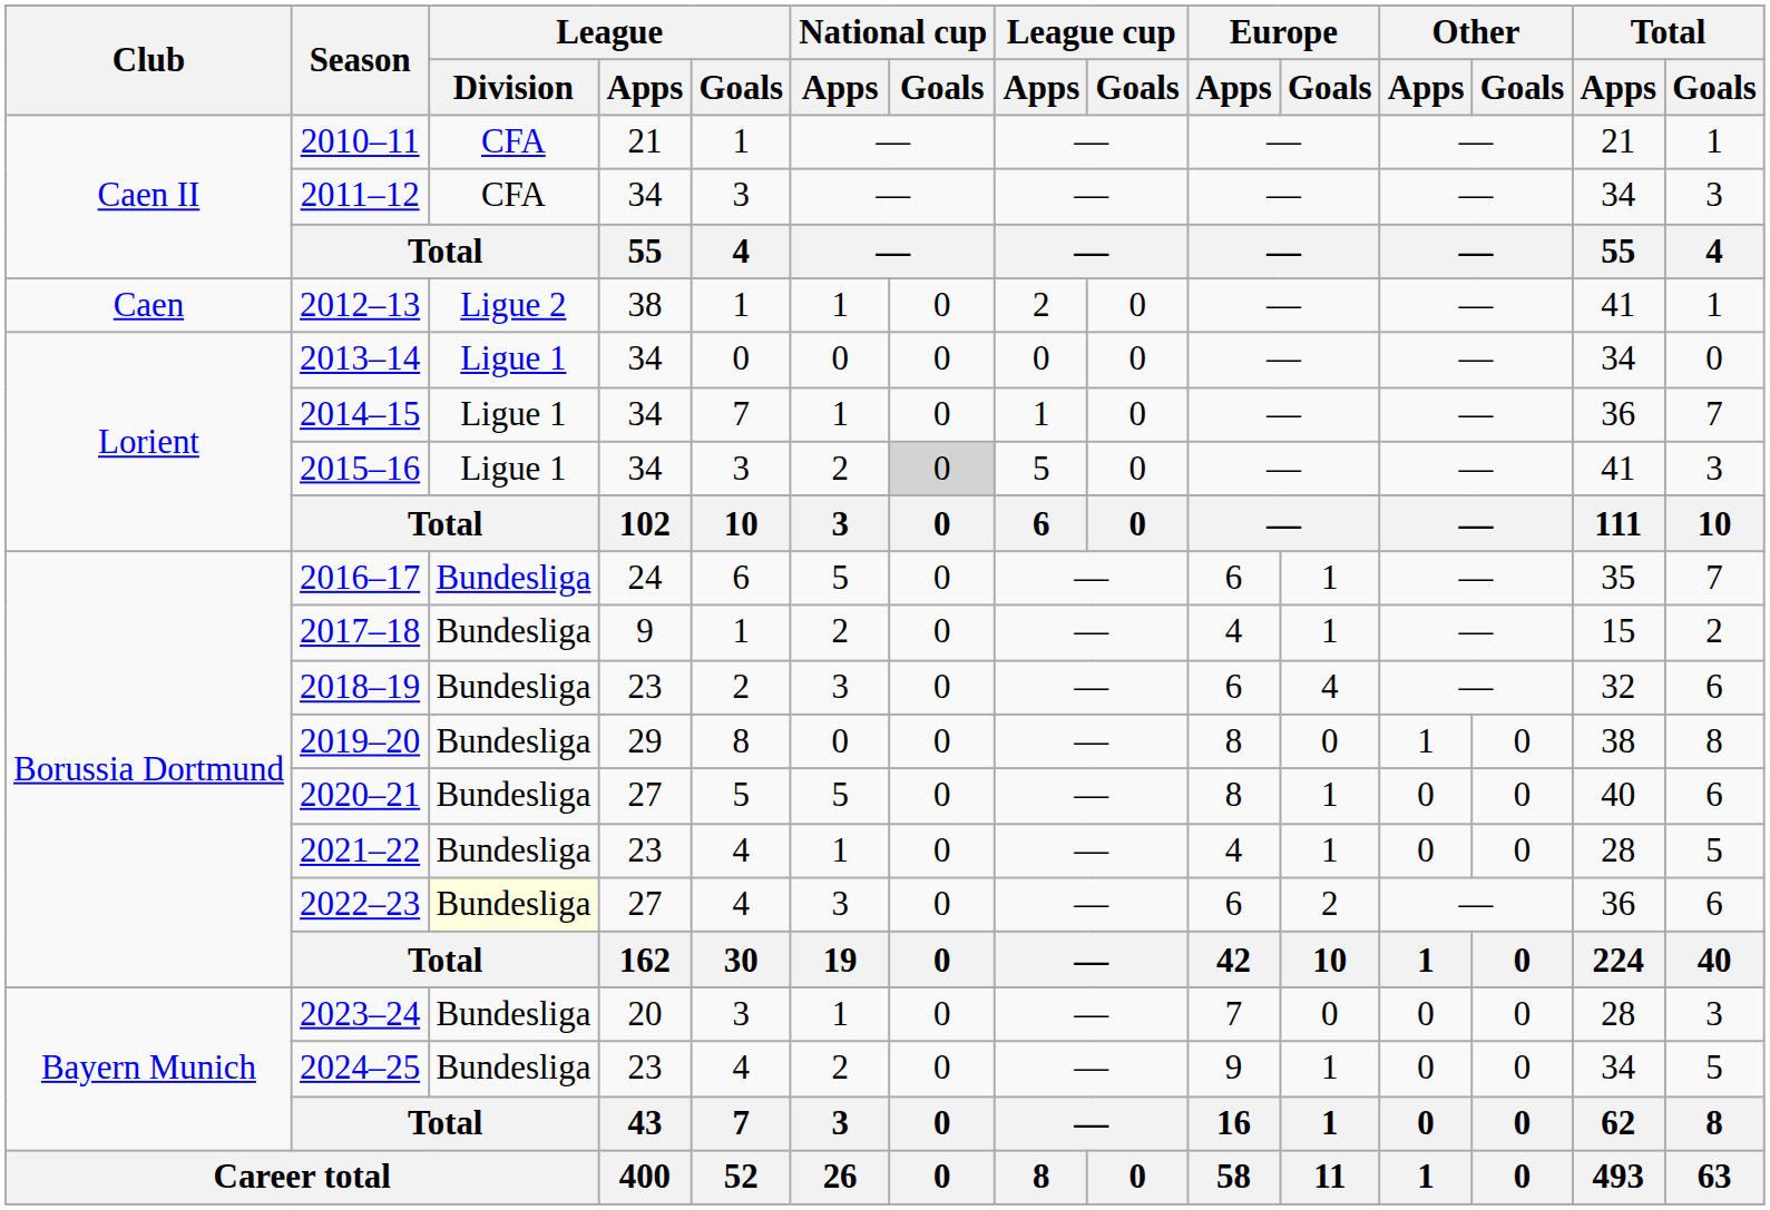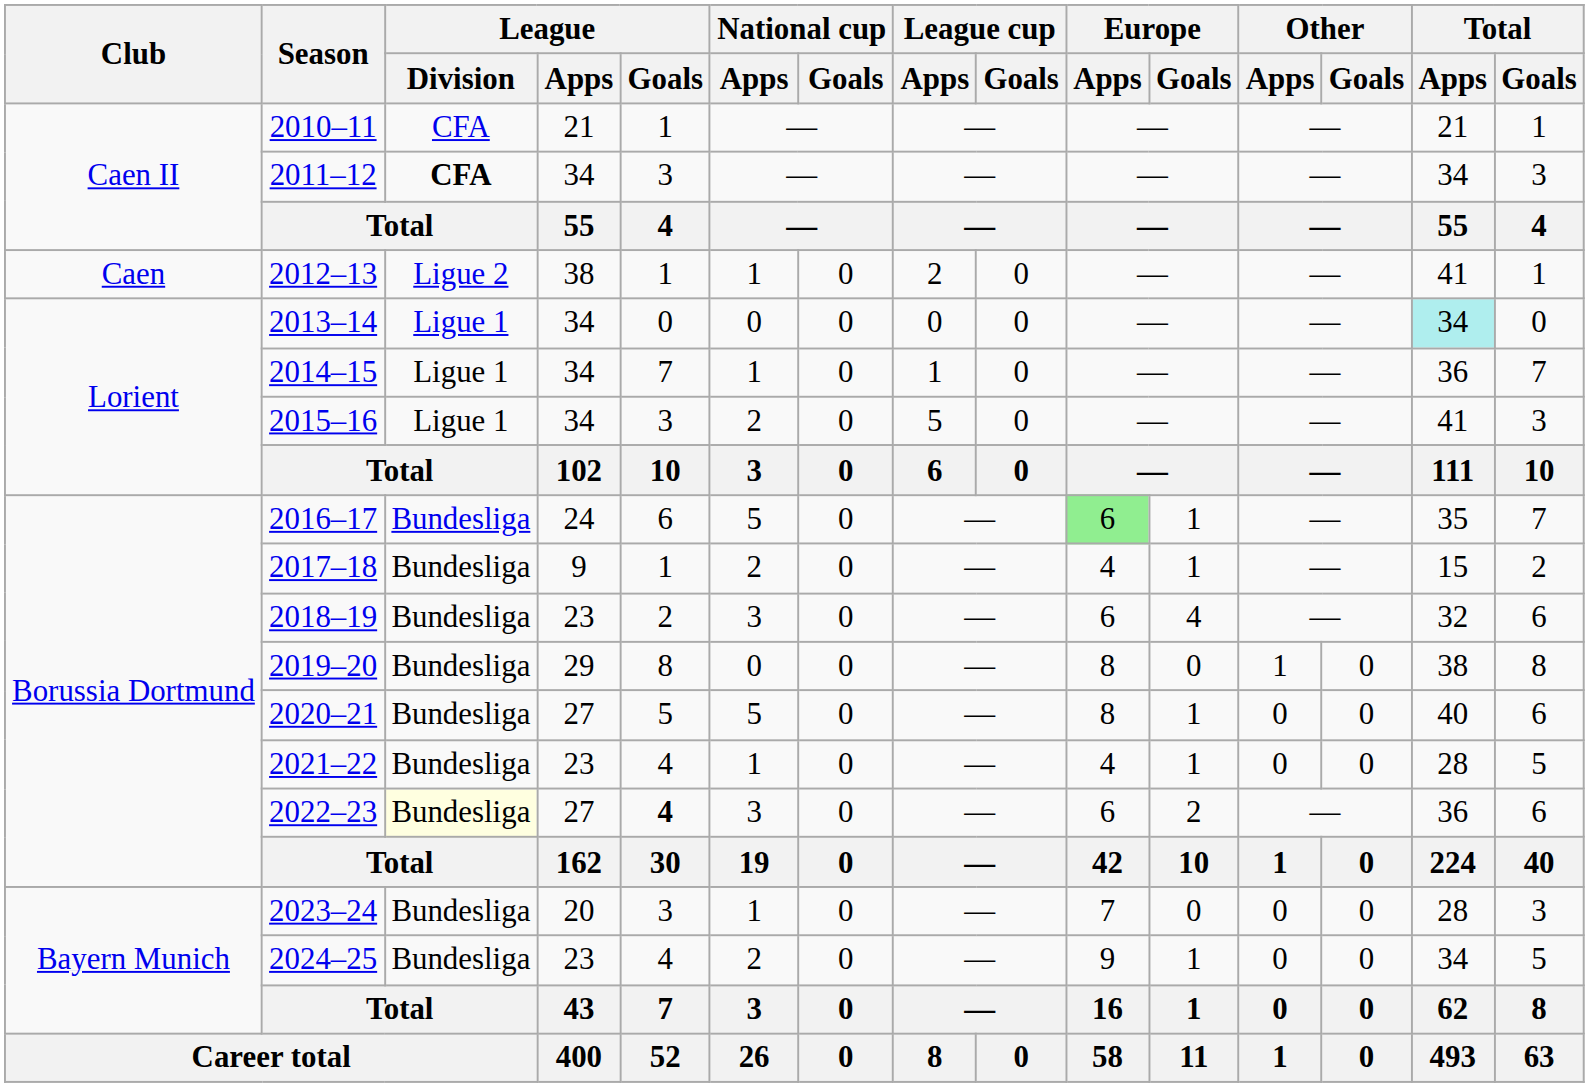 <table class="wikitable" style="text-align:center">
 <tr>
 <th rowspan="2">Club</th>
 <th rowspan="2">Season</th>
 <th colspan="3">League</th>
 <th colspan="2">National cup</th>
 <th colspan="2">League cup</th>
 <th colspan="2">Europe</th>
 <th colspan="2">Other</th>
 <th colspan="2">Total</th>
 </tr>
 <tr>
 <th>Division</th>
 <th>Apps</th>
 <th>Goals</th>
 <th>Apps</th>
 <th>Goals</th>
 <th>Apps</th>
 <th>Goals</th>
 <th>Apps</th>
 <th>Goals</th>
 <th>Apps</th>
 <th>Goals</th>
 <th>Apps</th>
 <th>Goals</th>
 </tr>
 <tr>
 <td rowspan="3"><a href='#'>Caen II</a></td>
 <td><a href='#'>2010–11</a></td>
 <td><a href='#'>CFA</a></td>
 <td>21</td>
 <td>1</td>
 <td colspan="2">—</td>
 <td colspan="2">—</td>
 <td colspan="2">—</td>
 <td colspan="2">—</td>
 <td>21</td>
 <td>1</td>
 </tr>
 <tr>
 <td><a href='#'>2011–12</a></td>
-<td>CFA</td>
+<td><strong>CFA</strong></td>
 <td>34</td>
 <td>3</td>
 <td colspan="2">—</td>
 <td colspan="2">—</td>
 <td colspan="2">—</td>
 <td colspan="2">—</td>
 <td>34</td>
 <td>3</td>
 </tr>
 <tr>
 <th colspan="2">Total</th>
 <th>55</th>
 <th>4</th>
 <th colspan="2">—</th>
 <th colspan="2">—</th>
 <th colspan="2">—</th>
 <th colspan="2">—</th>
 <th>55</th>
 <th>4</th>
 </tr>
 <tr>
 <td><a href='#'>Caen</a></td>
 <td><a href='#'>2012–13</a></td>
 <td><a href='#'>Ligue 2</a></td>
 <td>38</td>
 <td>1</td>
 <td>1</td>
 <td>0</td>
 <td>2</td>
 <td>0</td>
 <td colspan="2">—</td>
 <td colspan="2">—</td>
 <td>41</td>
 <td>1</td>
 </tr>
 <tr>
 <td rowspan="4"><a href='#'>Lorient</a></td>
 <td><a href='#'>2013–14</a></td>
 <td><a href='#'>Ligue 1</a></td>
 <td>34</td>
 <td>0</td>
 <td>0</td>
 <td>0</td>
 <td>0</td>
 <td>0</td>
 <td colspan="2">—</td>
 <td colspan="2">—</td>
-<td>34</td>
+<td style="background: paleturquoise;">34</td>
 <td>0</td>
 </tr>
 <tr>
 <td><a href='#'>2014–15</a></td>
 <td>Ligue 1</td>
 <td>34</td>
 <td>7</td>
 <td>1</td>
 <td>0</td>
 <td>1</td>
 <td>0</td>
 <td colspan="2">—</td>
 <td colspan="2">—</td>
 <td>36</td>
 <td>7</td>
 </tr>
 <tr>
 <td><a href='#'>2015–16</a></td>
 <td>Ligue 1</td>
 <td>34</td>
 <td>3</td>
 <td>2</td>
-<td style="background: lightgrey;">0</td>
+<td>0</td>
 <td>5</td>
 <td>0</td>
 <td colspan="2">—</td>
 <td colspan="2">—</td>
 <td>41</td>
 <td>3</td>
 </tr>
 <tr>
 <th colspan="2">Total</th>
 <th>102</th>
 <th>10</th>
 <th>3</th>
 <th>0</th>
 <th>6</th>
 <th>0</th>
 <th colspan="2">—</th>
 <th colspan="2">—</th>
 <th>111</th>
 <th>10</th>
 </tr>
 <tr>
 <td rowspan="8"><a href='#'>Borussia Dortmund</a></td>
 <td><a href='#'>2016–17</a></td>
 <td><a href='#'>Bundesliga</a></td>
 <td>24</td>
 <td>6</td>
 <td>5</td>
 <td>0</td>
 <td colspan="2">—</td>
-<td>6</td>
+<td style="background: lightgreen;">6</td>
 <td>1</td>
 <td colspan="2">—</td>
 <td>35</td>
 <td>7</td>
 </tr>
 <tr>
 <td><a href='#'>2017–18</a></td>
 <td>Bundesliga</td>
 <td>9</td>
 <td>1</td>
 <td>2</td>
 <td>0</td>
 <td colspan="2">—</td>
 <td>4</td>
 <td>1</td>
 <td colspan="2">—</td>
 <td>15</td>
 <td>2</td>
 </tr>
 <tr>
 <td><a href='#'>2018–19</a></td>
 <td>Bundesliga</td>
 <td>23</td>
 <td>2</td>
 <td>3</td>
 <td>0</td>
 <td colspan="2">—</td>
 <td>6</td>
 <td>4</td>
 <td colspan="2">—</td>
 <td>32</td>
 <td>6</td>
 </tr>
 <tr>
 <td><a href='#'>2019–20</a></td>
 <td>Bundesliga</td>
 <td>29</td>
 <td>8</td>
 <td>0</td>
 <td>0</td>
 <td colspan="2">—</td>
 <td>8</td>
 <td>0</td>
 <td>1</td>
 <td>0</td>
 <td>38</td>
 <td>8</td>
 </tr>
 <tr>
 <td><a href='#'>2020–21</a></td>
 <td>Bundesliga</td>
 <td>27</td>
 <td>5</td>
 <td>5</td>
 <td>0</td>
 <td colspan="2">—</td>
 <td>8</td>
 <td>1</td>
 <td>0</td>
 <td>0</td>
 <td>40</td>
 <td>6</td>
 </tr>
 <tr>
 <td><a href='#'>2021–22</a></td>
 <td>Bundesliga</td>
 <td>23</td>
 <td>4</td>
 <td>1</td>
 <td>0</td>
 <td colspan="2">—</td>
 <td>4</td>
 <td>1</td>
 <td>0</td>
 <td>0</td>
 <td>28</td>
 <td>5</td>
 </tr>
 <tr>
 <td><a href='#'>2022–23</a></td>
 <td style="background: lightyellow;">Bundesliga</td>
 <td>27</td>
-<td>4</td>
+<td><strong>4</strong></td>
 <td>3</td>
 <td>0</td>
 <td colspan="2">—</td>
 <td>6</td>
 <td>2</td>
 <td colspan="2">—</td>
 <td>36</td>
 <td>6</td>
 </tr>
 <tr>
 <th colspan="2">Total</th>
 <th>162</th>
 <th>30</th>
 <th>19</th>
 <th>0</th>
 <th colspan="2">—</th>
 <th>42</th>
 <th>10</th>
 <th>1</th>
 <th>0</th>
 <th>224</th>
 <th>40</th>
 </tr>
 <tr>
 <td rowspan="3"><a href='#'>Bayern Munich</a></td>
 <td><a href='#'>2023–24</a></td>
 <td>Bundesliga</td>
 <td>20</td>
 <td>3</td>
 <td>1</td>
 <td>0</td>
 <td colspan="2">—</td>
 <td>7</td>
 <td>0</td>
 <td>0</td>
 <td>0</td>
 <td>28</td>
 <td>3</td>
 </tr>
 <tr>
 <td><a href='#'>2024–25</a></td>
 <td>Bundesliga</td>
 <td>23</td>
 <td>4</td>
 <td>2</td>
 <td>0</td>
 <td colspan="2">—</td>
 <td>9</td>
 <td>1</td>
 <td>0</td>
 <td>0</td>
 <td>34</td>
 <td>5</td>
 </tr>
 <tr>
 <th colspan="2">Total</th>
 <th>43</th>
 <th>7</th>
 <th>3</th>
 <th>0</th>
 <th colspan="2">—</th>
 <th>16</th>
 <th>1</th>
 <th>0</th>
 <th>0</th>
 <th>62</th>
 <th>8</th>
 </tr>
 <tr>
 <th colspan="3">Career total</th>
 <th>400</th>
 <th>52</th>
 <th>26</th>
 <th>0</th>
 <th>8</th>
 <th>0</th>
 <th>58</th>
 <th>11</th>
 <th>1</th>
 <th>0</th>
 <th>493</th>
 <th>63</th>
 </tr>
 </table>
